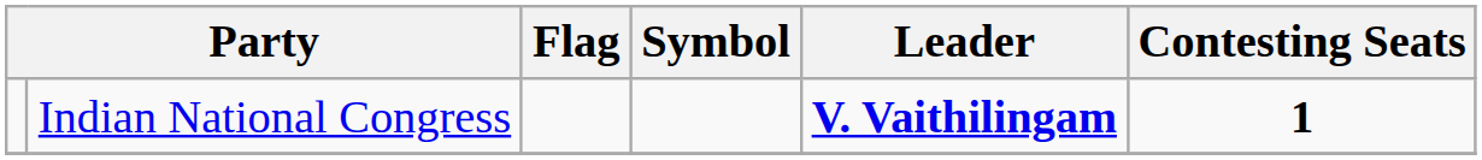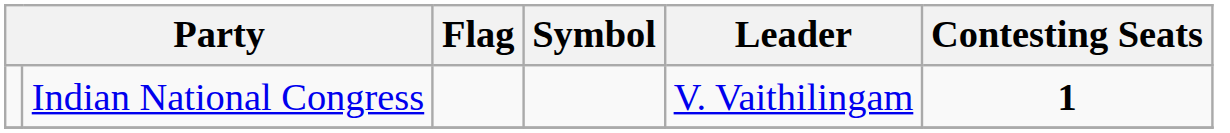 <table class="wikitable" style="text-align:center">
 <tr>
 <th colspan="2">Party</th>
 <th>Flag</th>
 <th>Symbol</th>
 <th>Leader</th>
 <th>Contesting Seats</th>
 </tr>
 <tr>
 <td></td>
 <td><a href='#'>Indian National Congress</a></td>
 <td></td>
 <td></td>
-<td><strong><a href='#'>V. Vaithilingam</a></strong></td>
+<td><a href='#'>V. Vaithilingam</a></td>
 <td><strong>1</strong></td>
 </tr>
 <tr>
 </tr>
 </table>
